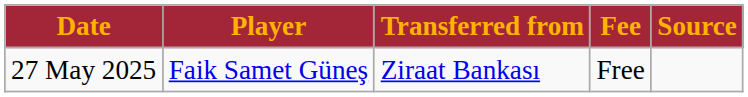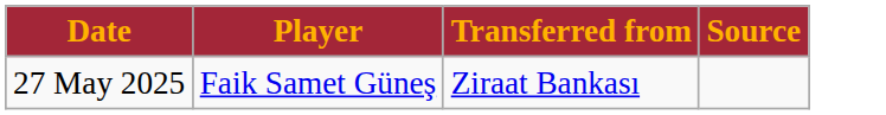 <table class="wikitable plainrowheaders sortable">
 <tr>
 <th style="background:#A32638; color:#FFB300; ">Date</th>
 <th style="background:#A32638; color:#FFB300; ">Player</th>
 <th style="background:#A32638; color:#FFB300; ">Transferred from</th>
-<th style="background:#A32638; color:#FFB300; ">Fee</th>
 <th style="background:#A32638; color:#FFB300; ">Source</th>
 </tr>
 <tr>
 <td>27 May 2025</td>
 <td align=left> <a href='#'>Faik Samet Güneş</a></td>
 <td align=left> <a href='#'>Ziraat Bankası</a></td>
-<td>Free</td>
 <td></td>
 </tr>
 </table>
